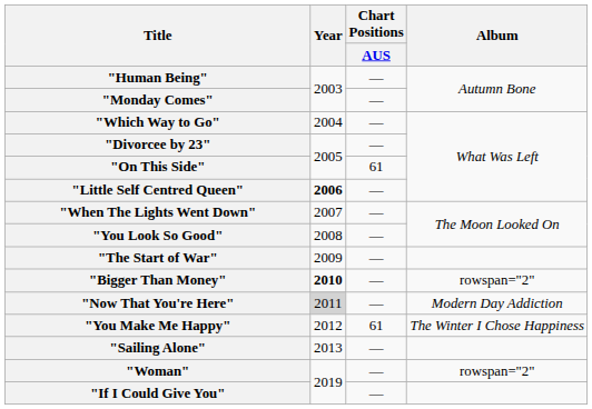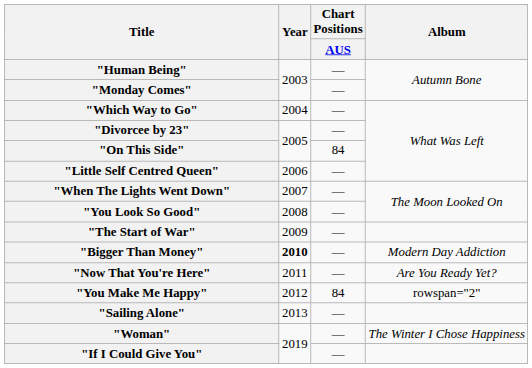 <table class="wikitable plainrowheaders" style="text-align:center;">
 <tr>
 <th rowspan="2" style="width:21em;">Title</th>
 <th rowspan="2">Year</th>
 <th colspan="1">Chart Positions</th>
 <th rowspan="2">Album</th>
 </tr>
 <tr>
 <th style="width:40px;"><a href='#'>AUS</a></th>
 </tr>
 <tr>
 <th scope="row">"Human Being" </th>
 <td rowspan="2">2003</td>
 <td>—</td>
 <td rowspan="2"><em>Autumn Bone</em></td>
 </tr>
 <tr>
 <th scope="row">"Monday Comes" </th>
 <td>—</td>
 </tr>
 <tr>
 <th scope="row">"Which Way to Go" </th>
 <td>2004</td>
 <td>—</td>
 <td rowspan="4"><em>What Was Left</em></td>
 </tr>
 <tr>
 <th scope="row">"Divorcee by 23" </th>
 <td rowspan="2">2005</td>
 <td>—</td>
 </tr>
 <tr>
 <th scope="row">"On This Side" </th>
-<td>61</td>
+<td>84</td>
 </tr>
 <tr>
 <th scope="row">"Little Self Centred Queen" </th>
-<td><strong>2006</strong></td>
+<td>2006</td>
 <td>—</td>
 </tr>
 <tr>
 <th scope="row">"When The Lights Went Down" </th>
 <td>2007</td>
 <td>—</td>
 <td rowspan="2"><em>The Moon Looked On</em></td>
 </tr>
 <tr>
 <th scope="row">"You Look So Good" </th>
 <td>2008</td>
 <td>—</td>
 </tr>
 <tr>
 <th scope="row">"The Start of War"</th>
 <td>2009</td>
 <td>—</td>
 <td></td>
 </tr>
 <tr>
 <th scope="row">"Bigger Than Money"</th>
 <td><strong>2010</strong></td>
 <td>—</td>
-<td>rowspan="2" </td>
+<td><em>Modern Day Addiction</em></td>
 </tr>
 <tr>
 <th scope="row">"Now That You're Here" </th>
-<td style="background: lightgrey;">2011</td>
+<td>2011</td>
 <td>—</td>
-<td><em>Modern Day Addiction</em></td>
+<td><em>Are You Ready Yet?</em></td>
 </tr>
 <tr>
 <th scope="row">"You Make Me Happy"</th>
 <td>2012</td>
-<td>61</td>
-<td><em>The Winter I Chose Happiness</em></td>
+<td>84</td>
+<td>rowspan="2" </td>
 </tr>
 <tr>
 <th scope="row">"Sailing Alone" </th>
 <td>2013</td>
 <td>—</td>
 <td></td>
 </tr>
 <tr>
 <th scope="row">"Woman"</th>
 <td rowspan="2">2019</td>
 <td>—</td>
-<td>rowspan="2" </td>
+<td><em>The Winter I Chose Happiness</em></td>
 </tr>
 <tr>
 <th scope="row">"If I Could Give You"</th>
 <td>—</td>
 </tr>
 </table>
